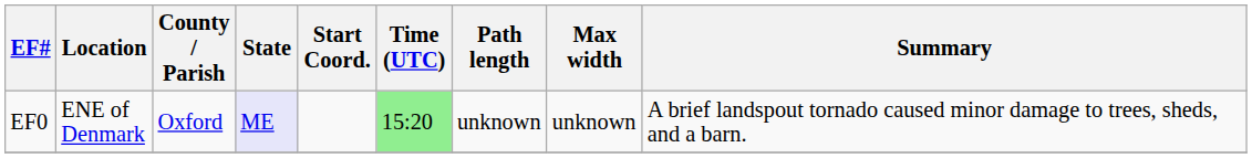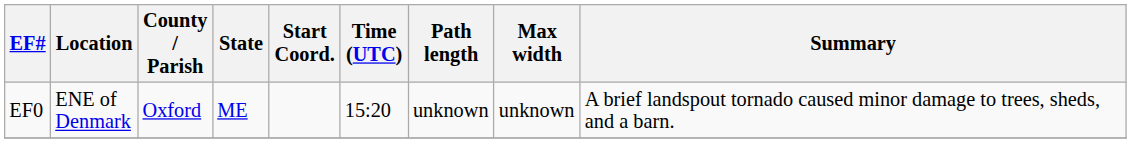 <table class="wikitable sortable" style="width:100%;">
 <tr>
 <th scope="col"  style="width:3%; text-align:center;"><a href='#'>EF#</a></th>
 <th scope="col"  style="width:7%; text-align:center;" class="unsortable">Location</th>
 <th scope="col"  style="width:6%; text-align:center;" class="unsortable">County / Parish</th>
 <th scope="col"  style="width:5%; text-align:center;">State</th>
 <th scope="col"  style="width:6%; text-align:center;">Start Coord.</th>
 <th scope="col"  style="width:6%; text-align:center;">Time (<a href='#'>UTC</a>)</th>
 <th scope="col"  style="width:6%; text-align:center;">Path length</th>
 <th scope="col"  style="width:6%; text-align:center;">Max width</th>
 <th scope="col" class="unsortable" style="width:48%; text-align:center;">Summary</th>
 </tr>
 <tr>
 <td>EF0</td>
 <td>ENE of <a href='#'>Denmark</a></td>
 <td><a href='#'>Oxford</a></td>
-<td style="background: lavender;"><a href='#'>ME</a></td>
+<td><a href='#'>ME</a></td>
 <td></td>
-<td style="background: lightgreen;">15:20</td>
+<td>15:20</td>
 <td>unknown</td>
 <td>unknown</td>
 <td>A brief landspout tornado caused minor damage to trees, sheds, and a barn.</td>
 </tr>
 <tr>
 </tr>
 </table>
